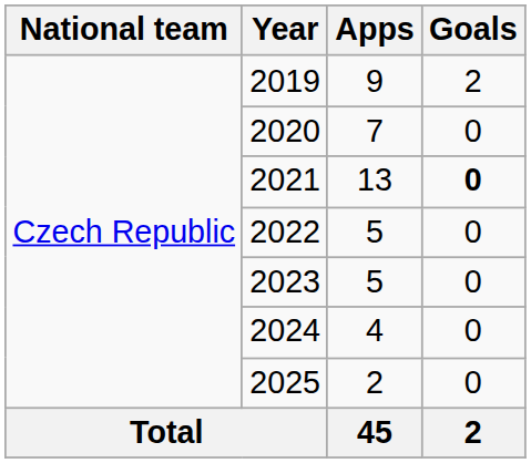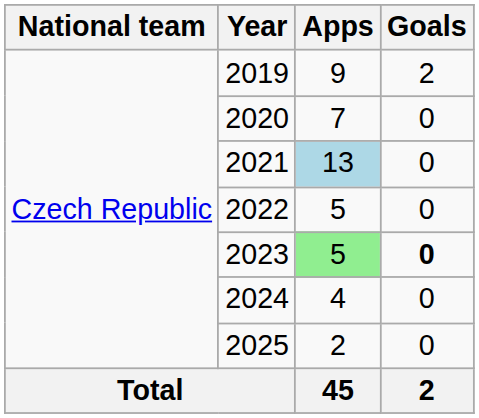 <table class="wikitable" style="text-align:center">
 <tr>
 <th>National team</th>
 <th>Year</th>
 <th>Apps</th>
 <th>Goals</th>
 </tr>
 <tr>
 <td rowspan="7"><a href='#'>Czech Republic</a></td>
 <td>2019</td>
 <td>9</td>
 <td>2</td>
 </tr>
 <tr>
 <td>2020</td>
 <td>7</td>
 <td>0</td>
 </tr>
 <tr>
 <td>2021</td>
-<td>13</td>
-<td><strong>0</strong></td>
+<td style="background: lightblue;">13</td>
+<td>0</td>
 </tr>
 <tr>
 <td>2022</td>
 <td>5</td>
 <td>0</td>
 </tr>
 <tr>
 <td>2023</td>
-<td>5</td>
-<td>0</td>
+<td style="background: lightgreen;">5</td>
+<td><strong>0</strong></td>
 </tr>
 <tr>
 <td>2024</td>
 <td>4</td>
 <td>0</td>
 </tr>
 <tr>
 <td>2025</td>
 <td>2</td>
 <td>0</td>
 </tr>
 <tr>
 <th colspan="2">Total</th>
 <th>45</th>
 <th>2</th>
 </tr>
 </table>
